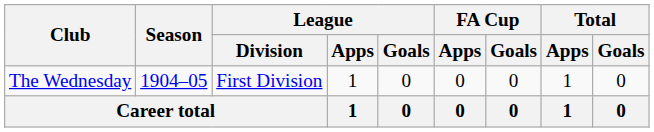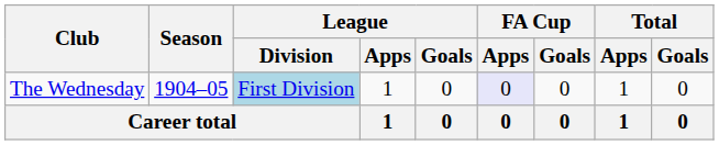 <table class="wikitable" style="text-align: center;">
 <tr>
 <th rowspan="2">Club</th>
 <th rowspan="2">Season</th>
 <th colspan="3">League</th>
 <th colspan="2">FA Cup</th>
 <th colspan="2">Total</th>
 </tr>
 <tr>
 <th>Division</th>
 <th>Apps</th>
 <th>Goals</th>
 <th>Apps</th>
 <th>Goals</th>
 <th>Apps</th>
 <th>Goals</th>
 </tr>
 <tr>
 <td><a href='#'>The Wednesday</a></td>
 <td><a href='#'>1904–05</a></td>
-<td><a href='#'>First Division</a></td>
+<td style="background: lightblue;"><a href='#'>First Division</a></td>
 <td>1</td>
 <td>0</td>
-<td>0</td>
+<td style="background: lavender;">0</td>
 <td>0</td>
 <td>1</td>
 <td>0</td>
 </tr>
 <tr>
 <th colspan="3">Career total</th>
 <th>1</th>
 <th>0</th>
 <th>0</th>
 <th>0</th>
 <th>1</th>
 <th>0</th>
 </tr>
 </table>
